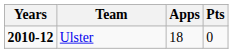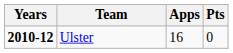 <table class="wikitable" style="text-align:left;">
 <tr>
 <th>Years</th>
 <th width=120px>Team</th>
 <th>Apps</th>
 <th>Pts</th>
 </tr>
 <tr>
 <td><strong>2010-12</strong></td>
 <td><a href='#'>Ulster</a></td>
-<td>18</td>
+<td>16</td>
 <td>0</td>
 </tr>
 </table>
